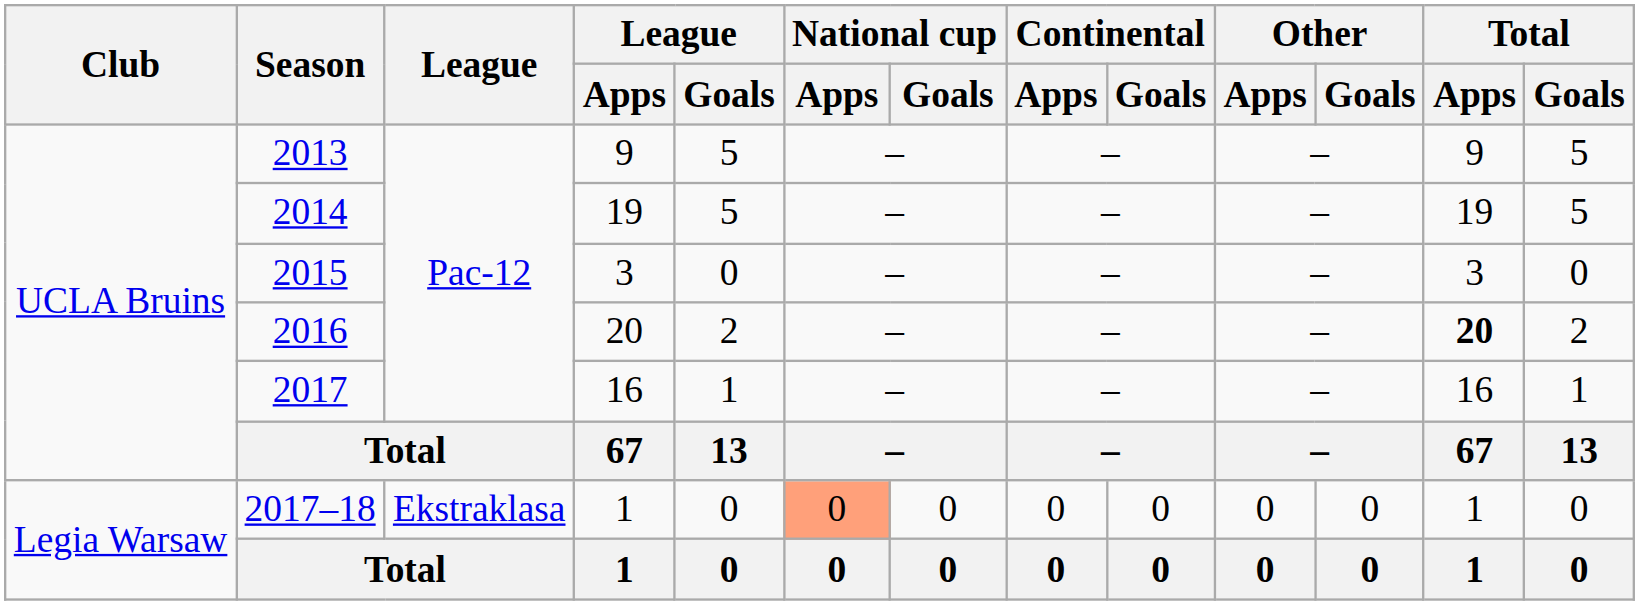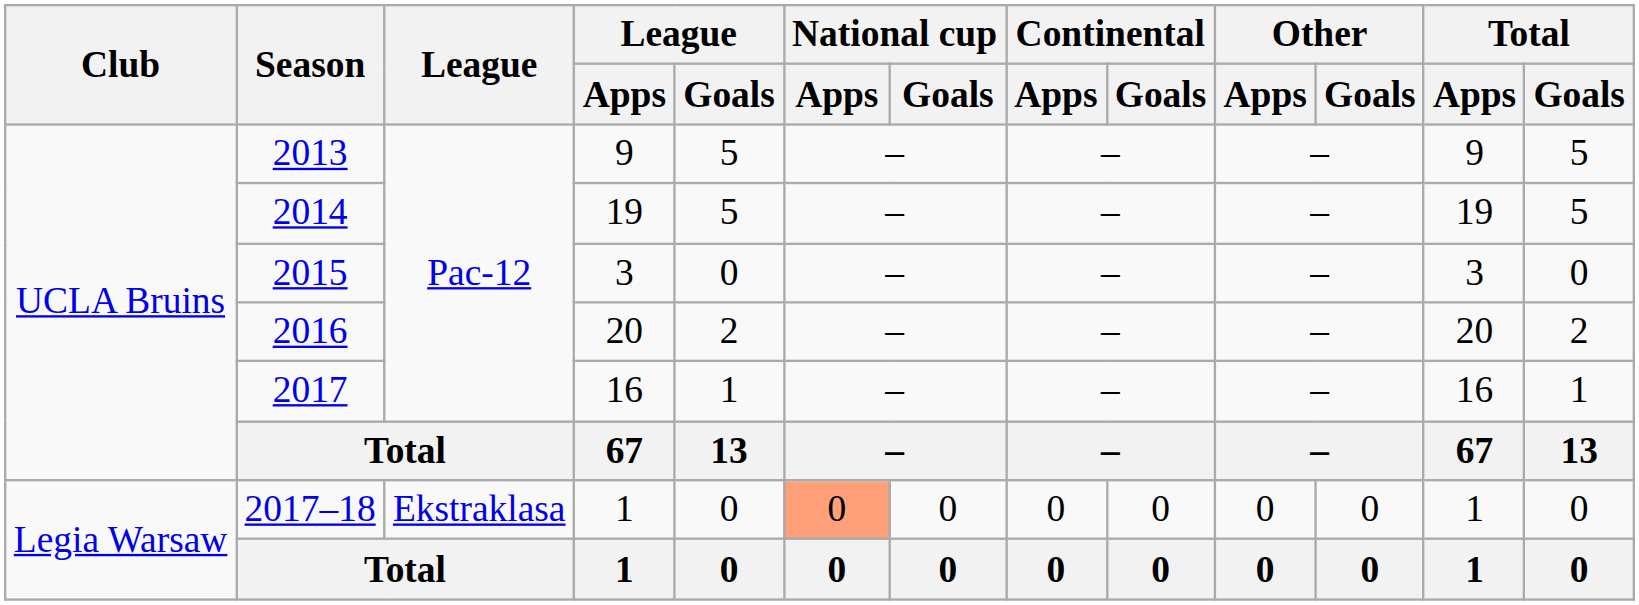 <table class="wikitable" style="text-align: center;">
 <tr>
 <th rowspan="2">Club</th>
 <th rowspan="2">Season</th>
 <th rowspan="2">League</th>
 <th colspan="2">League</th>
 <th colspan="2">National cup</th>
 <th colspan="2">Continental</th>
 <th colspan="2">Other</th>
 <th colspan="2">Total</th>
 </tr>
 <tr>
 <th>Apps</th>
 <th>Goals</th>
 <th>Apps</th>
 <th>Goals</th>
 <th>Apps</th>
 <th>Goals</th>
 <th>Apps</th>
 <th>Goals</th>
 <th>Apps</th>
 <th>Goals</th>
 </tr>
 <tr>
 <td rowspan="6"><a href='#'>UCLA Bruins</a></td>
 <td><a href='#'>2013</a></td>
 <td rowspan="5"><a href='#'>Pac-12</a></td>
 <td>9</td>
 <td>5</td>
 <td colspan="2">–</td>
 <td colspan="2">–</td>
 <td colspan="2">–</td>
 <td>9</td>
 <td>5</td>
 </tr>
 <tr>
 <td><a href='#'>2014</a></td>
 <td>19</td>
 <td>5</td>
 <td colspan="2">–</td>
 <td colspan="2">–</td>
 <td colspan="2">–</td>
 <td>19</td>
 <td>5</td>
 </tr>
 <tr>
 <td><a href='#'>2015</a></td>
 <td>3</td>
 <td>0</td>
 <td colspan="2">–</td>
 <td colspan="2">–</td>
 <td colspan="2">–</td>
 <td>3</td>
 <td>0</td>
 </tr>
 <tr>
 <td><a href='#'>2016</a></td>
 <td>20</td>
 <td>2</td>
 <td colspan="2">–</td>
 <td colspan="2">–</td>
 <td colspan="2">–</td>
-<td><strong>20</strong></td>
+<td>20</td>
 <td>2</td>
 </tr>
 <tr>
 <td><a href='#'>2017</a></td>
 <td>16</td>
 <td>1</td>
 <td colspan="2">–</td>
 <td colspan="2">–</td>
 <td colspan="2">–</td>
 <td>16</td>
 <td>1</td>
 </tr>
 <tr>
 <th colspan="2">Total</th>
 <th>67</th>
 <th>13</th>
 <th colspan="2">–</th>
 <th colspan="2">–</th>
 <th colspan="2">–</th>
 <th>67</th>
 <th>13</th>
 </tr>
 <tr>
 <td rowspan="2"><a href='#'>Legia Warsaw</a></td>
 <td><a href='#'>2017–18</a></td>
 <td rowspan="1"><a href='#'>Ekstraklasa</a></td>
 <td>1</td>
 <td>0</td>
 <td style="background: lightsalmon;">0</td>
 <td>0</td>
 <td>0</td>
 <td>0</td>
 <td>0</td>
 <td>0</td>
 <td>1</td>
 <td>0</td>
 </tr>
 <tr>
 <th colspan="2">Total</th>
 <th>1</th>
 <th>0</th>
 <th>0</th>
 <th>0</th>
 <th>0</th>
 <th>0</th>
 <th>0</th>
 <th>0</th>
 <th>1</th>
 <th>0</th>
 </tr>
 </table>
